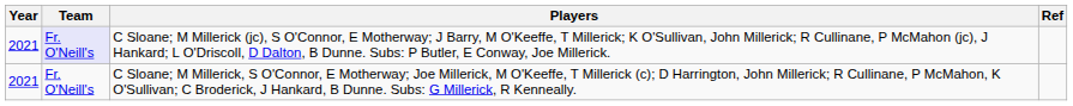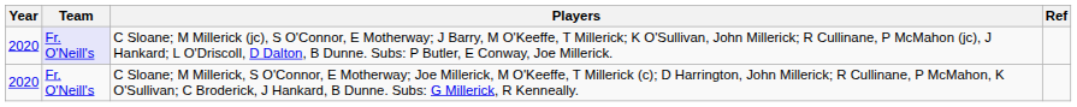 <table class="wikitable plainrowheaders sortable">
 <tr>
 <th scope=col>Year</th>
 <th scope=col>Team</th>
 <th scope=col class="unsortable">Players</th>
 <th scope=col class="unsortable">Ref</th>
 </tr>
 <tr>
-<td align="center"><a href='#'>2021</a></td>
+<td align="center"><a href='#'>2020</a></td>
 <td style="background: lavender;"> <a href='#'>Fr. O'Neill's</a></td>
 <td>C Sloane; M Millerick (jc), S O'Connor, E Motherway; J Barry, M O'Keeffe, T Millerick; K O'Sullivan, John Millerick; R Cullinane, P McMahon (jc), J Hankard; L O'Driscoll, <a href='#'>D Dalton</a>, B Dunne. Subs: P Butler, E Conway, Joe Millerick.</td>
 <td></td>
 </tr>
 <tr>
-<td align="center"><a href='#'>2021</a></td>
+<td align="center"><a href='#'>2020</a></td>
 <td> <a href='#'>Fr. O'Neill's</a></td>
 <td>C Sloane; M Millerick, S O'Connor, E Motherway; Joe Millerick, M O'Keeffe, T Millerick (c); D Harrington, John Millerick; R Cullinane, P McMahon, K O'Sullivan; C Broderick, J Hankard, B Dunne. Subs: <a href='#'>G Millerick</a>, R Kenneally.</td>
 <td></td>
 </tr>
 </table>
